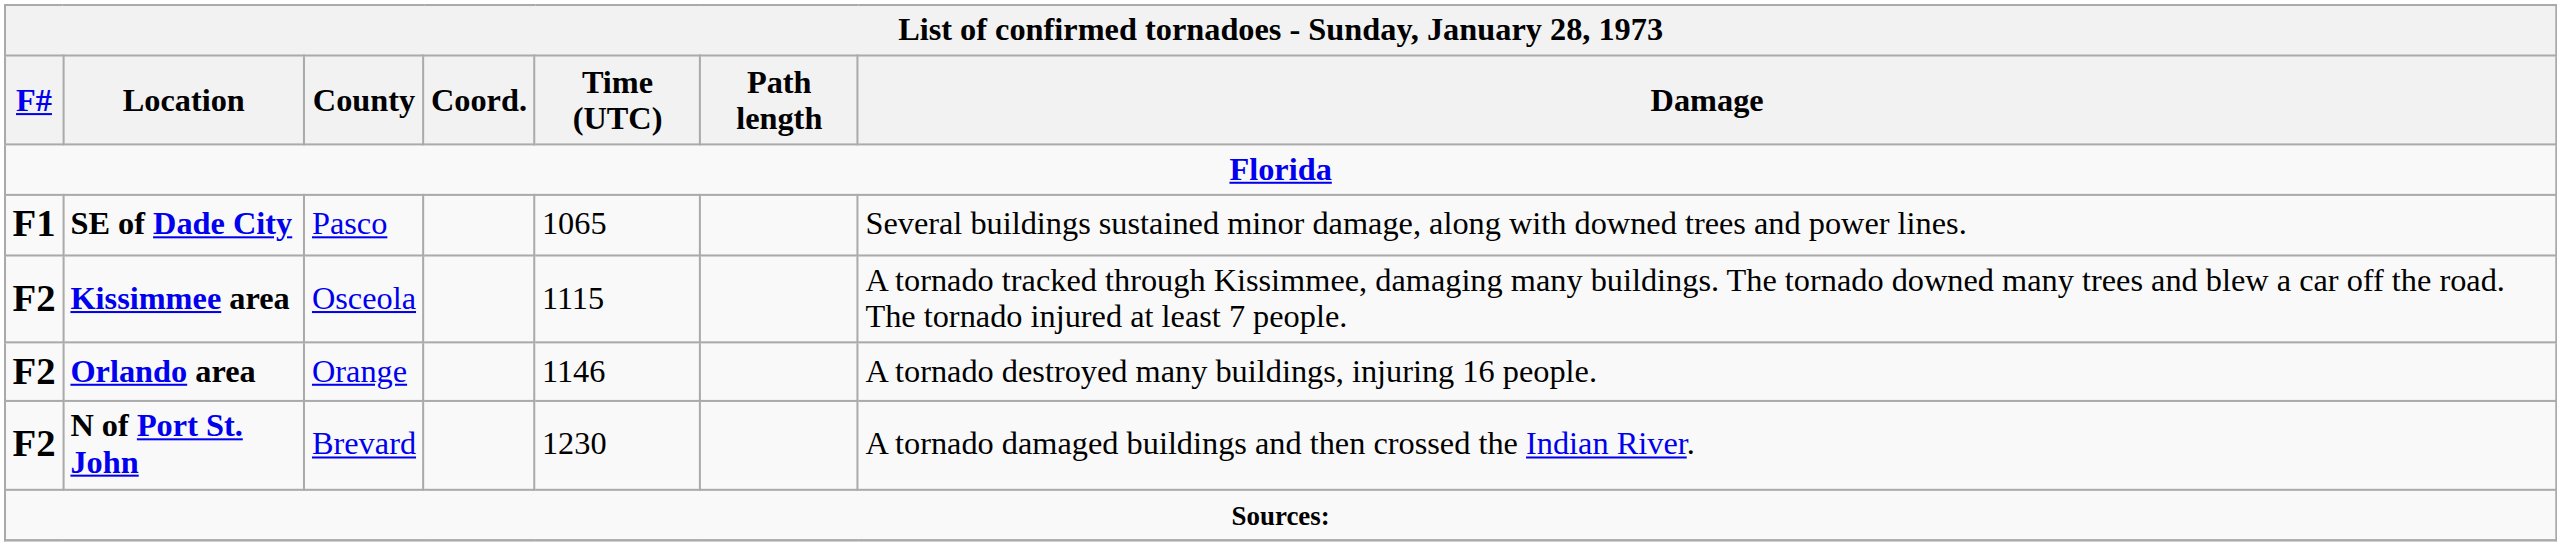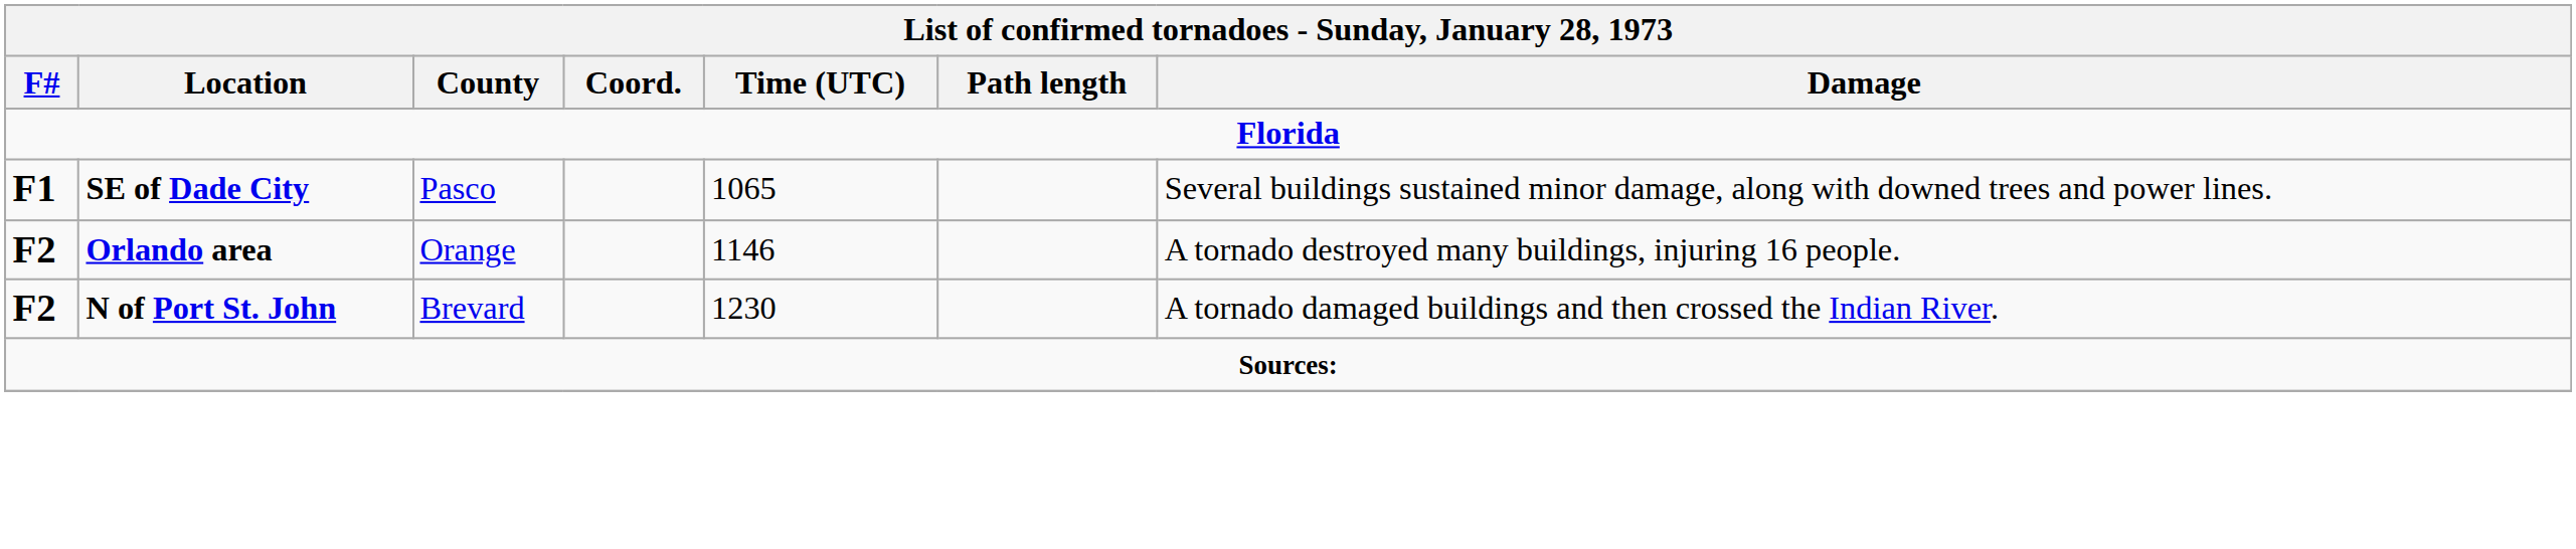 <table class="wikitable collapsible" width="100%">
 <tr>
 <th colspan="7">List of confirmed tornadoes - Sunday, January 28, 1973</th>
 </tr>
 <tr>
 <th><a href='#'>F#</a></th>
 <th>Location</th>
 <th>County</th>
 <th>Coord.</th>
 <th>Time (UTC)</th>
 <th>Path length</th>
 <th>Damage</th>
 </tr>
 <tr>
 <td colspan="7" align=center><strong><a href='#'>Florida</a></strong></td>
 </tr>
 <tr>
 <td><big><strong>F1</strong></big></td>
 <td><strong>SE of <a href='#'>Dade City</a></strong></td>
 <td><a href='#'>Pasco</a></td>
 <td></td>
 <td>1065</td>
 <td></td>
 <td>Several buildings sustained minor damage, along with downed trees and power lines.</td>
 </tr>
 <tr>
 <td><big><strong>F2</strong></big></td>
-<td><strong><a href='#'>Kissimmee</a> area</strong></td>
-<td><a href='#'>Osceola</a></td>
-<td></td>
-<td>1115</td>
-<td></td>
-<td>A tornado tracked through Kissimmee, damaging many buildings. The tornado downed many trees and blew a car off the road. The tornado injured at least 7 people.</td>
-</tr>
-<tr>
-<td><big><strong>F2</strong></big></td>
 <td><strong><a href='#'>Orlando</a> area</strong></td>
 <td><a href='#'>Orange</a></td>
 <td></td>
 <td>1146</td>
 <td></td>
 <td>A tornado destroyed many buildings, injuring 16 people.</td>
 </tr>
 <tr>
 <td><big><strong>F2</strong></big></td>
 <td><strong>N of <a href='#'>Port St. John</a></strong></td>
 <td><a href='#'>Brevard</a></td>
 <td></td>
 <td>1230</td>
 <td></td>
 <td>A tornado damaged buildings and then crossed the <a href='#'>Indian River</a>.</td>
 </tr>
 <tr>
 <td colspan="7" align=center><small><strong>Sources:</strong> </small></td>
 </tr>
 <tr>
 </tr>
 </table>
